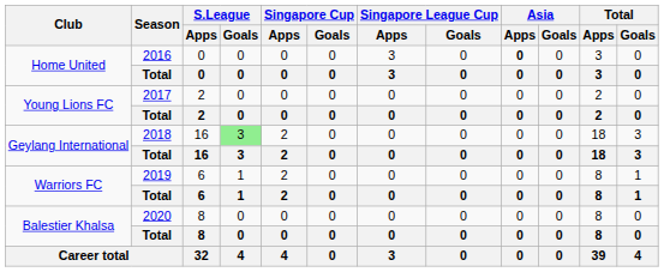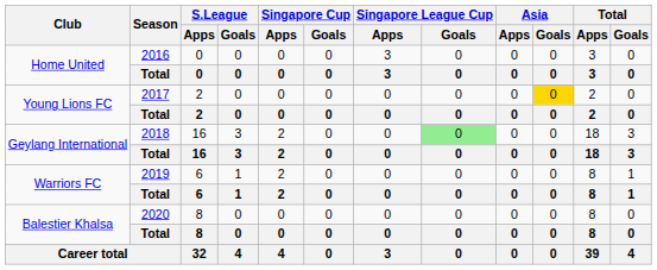 <table style="text-align:center" class="wikitable">
 <tr>
 <th rowspan="2">Club</th>
 <th rowspan="2">Season</th>
 <th colspan="2"><a href='#'>S.League</a></th>
 <th colspan="2"><a href='#'>Singapore Cup</a></th>
 <th colspan="2"><a href='#'>Singapore League Cup</a></th>
 <th colspan="2"><a href='#'>Asia</a></th>
 <th colspan="2">Total</th>
 </tr>
 <tr>
 <th>Apps</th>
 <th>Goals</th>
 <th>Apps</th>
 <th>Goals</th>
 <th>Apps</th>
 <th>Goals</th>
 <th>Apps</th>
 <th>Goals</th>
 <th>Apps</th>
 <th>Goals</th>
 </tr>
 <tr>
 <td rowspan="2"><a href='#'>Home United</a></td>
 <td><a href='#'>2016</a></td>
 <td>0</td>
 <td>0</td>
 <td>0</td>
 <td>0</td>
 <td>3</td>
 <td>0</td>
-<td><strong>0</strong></td>
+<td>0</td>
 <td>0</td>
 <td>3</td>
 <td>0</td>
 </tr>
 <tr>
 <th>Total</th>
 <th>0</th>
 <th>0</th>
 <th>0</th>
 <th>0</th>
 <th>3</th>
 <th>0</th>
 <th>0</th>
 <th>0</th>
 <th>3</th>
 <th>0</th>
 </tr>
 <tr>
 <td rowspan="2"><a href='#'>Young Lions FC</a></td>
 <td><a href='#'>2017</a></td>
 <td>2</td>
 <td>0</td>
 <td>0</td>
 <td>0</td>
 <td>0</td>
 <td>0</td>
 <td>0</td>
-<td>0</td>
+<td style="background: gold;">0</td>
 <td>2</td>
 <td>0</td>
 </tr>
 <tr>
 <th>Total</th>
 <th>2</th>
 <th>0</th>
 <th>0</th>
 <th>0</th>
 <th>0</th>
 <th>0</th>
 <th>0</th>
 <th>0</th>
 <th>2</th>
 <th>0</th>
 </tr>
 <tr>
 <td rowspan="2"><a href='#'>Geylang International</a></td>
 <td><a href='#'>2018</a></td>
 <td>16</td>
-<td style="background: lightgreen;">3</td>
+<td>3</td>
 <td>2</td>
 <td>0</td>
 <td>0</td>
-<td>0</td>
+<td style="background: lightgreen;">0</td>
 <td>0</td>
 <td>0</td>
 <td>18</td>
 <td>3</td>
 </tr>
 <tr>
 <th>Total</th>
 <th>16</th>
 <th>3</th>
 <th>2</th>
 <th>0</th>
 <th>0</th>
 <th>0</th>
 <th>0</th>
 <th>0</th>
 <th>18</th>
 <th>3</th>
 </tr>
 <tr>
 <td rowspan="2"><a href='#'>Warriors FC</a></td>
 <td><a href='#'>2019</a></td>
 <td>6</td>
 <td>1</td>
 <td>2</td>
 <td>0</td>
 <td>0</td>
 <td>0</td>
 <td>0</td>
 <td>0</td>
 <td>8</td>
 <td>1</td>
 </tr>
 <tr>
 <th>Total</th>
 <th>6</th>
 <th>1</th>
 <th>2</th>
 <th>0</th>
 <th>0</th>
 <th>0</th>
 <th>0</th>
 <th>0</th>
 <th>8</th>
 <th>1</th>
 </tr>
 <tr>
 <td rowspan="2"><a href='#'>Balestier Khalsa</a></td>
 <td><a href='#'>2020</a></td>
 <td>8</td>
 <td>0</td>
 <td>0</td>
 <td>0</td>
 <td>0</td>
 <td>0</td>
 <td>0</td>
 <td>0</td>
 <td>8</td>
 <td>0</td>
 </tr>
 <tr>
 <th>Total</th>
 <th>8</th>
 <th>0</th>
 <th>0</th>
 <th>0</th>
 <th>0</th>
 <th>0</th>
 <th>0</th>
 <th>0</th>
 <th>8</th>
 <th>0</th>
 </tr>
 <tr>
 <th colspan=2>Career total</th>
 <th>32</th>
 <th>4</th>
 <th>4</th>
 <th>0</th>
 <th>3</th>
 <th>0</th>
 <th>0</th>
 <th>0</th>
 <th>39</th>
 <th>4</th>
 </tr>
 </table>
